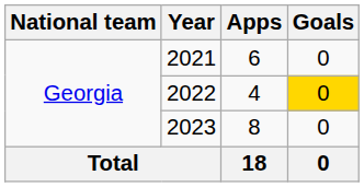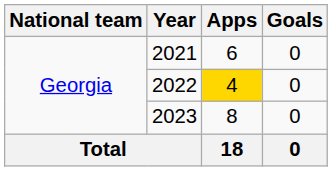 <table class="wikitable" style="text-align:center">
 <tr>
 <th>National team</th>
 <th>Year</th>
 <th>Apps</th>
 <th>Goals</th>
 </tr>
 <tr>
 <td rowspan="3"><a href='#'>Georgia</a></td>
 <td>2021</td>
 <td>6</td>
 <td>0</td>
 </tr>
 <tr>
 <td>2022</td>
-<td>4</td>
-<td style="background: gold;">0</td>
+<td style="background: gold;">4</td>
+<td>0</td>
 </tr>
 <tr>
 <td>2023</td>
 <td>8</td>
 <td>0</td>
 </tr>
 <tr>
 <th colspan="2">Total</th>
 <th>18</th>
 <th>0</th>
 </tr>
 </table>
